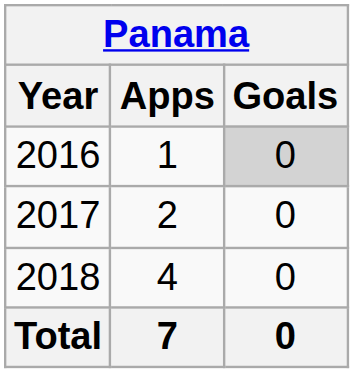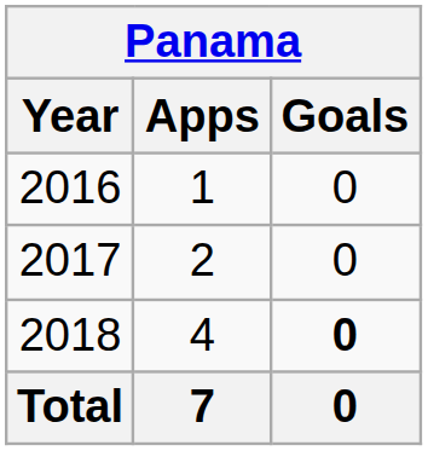 <table class="wikitable" style="text-align:center">
 <tr>
 <th colspan=3><a href='#'>Panama</a></th>
 </tr>
 <tr>
 <th>Year</th>
 <th>Apps</th>
 <th>Goals</th>
 </tr>
 <tr>
 <td>2016</td>
 <td>1</td>
-<td style="background: lightgrey;">0</td>
+<td>0</td>
 </tr>
 <tr>
 <td>2017</td>
 <td>2</td>
 <td>0</td>
 </tr>
 <tr>
 <td>2018</td>
 <td>4</td>
-<td>0</td>
+<td><strong>0</strong></td>
 </tr>
 <tr>
 <th>Total</th>
 <th>7</th>
 <th>0</th>
 </tr>
 </table>
